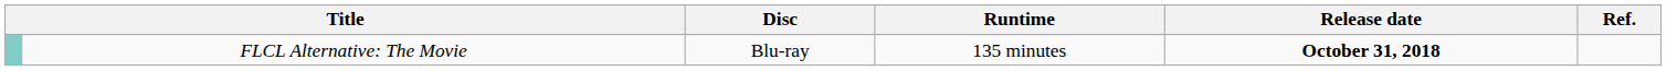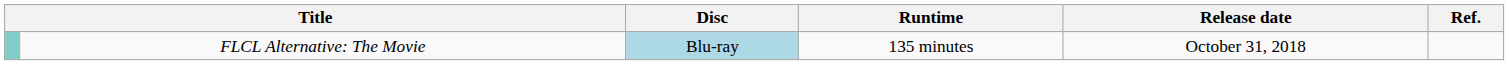 <table class="wikitable" style="text-align: center; width: 70%;">
 <tr>
 <th colspan="2">Title</th>
 <th>Disc</th>
 <th>Runtime</th>
 <th>Release date</th>
 <th width="5%">Ref.</th>
 </tr>
 <tr>
 <td rowspan="1" width="1%" style="background: #81CDC8;"></td>
 <td><em>FLCL Alternative: The Movie</em></td>
-<td>Blu-ray</td>
+<td style="background: lightblue;">Blu-ray</td>
 <td>135 minutes</td>
-<td><strong>October 31, 2018</strong></td>
+<td>October 31, 2018</td>
 <td></td>
 </tr>
 </table>
